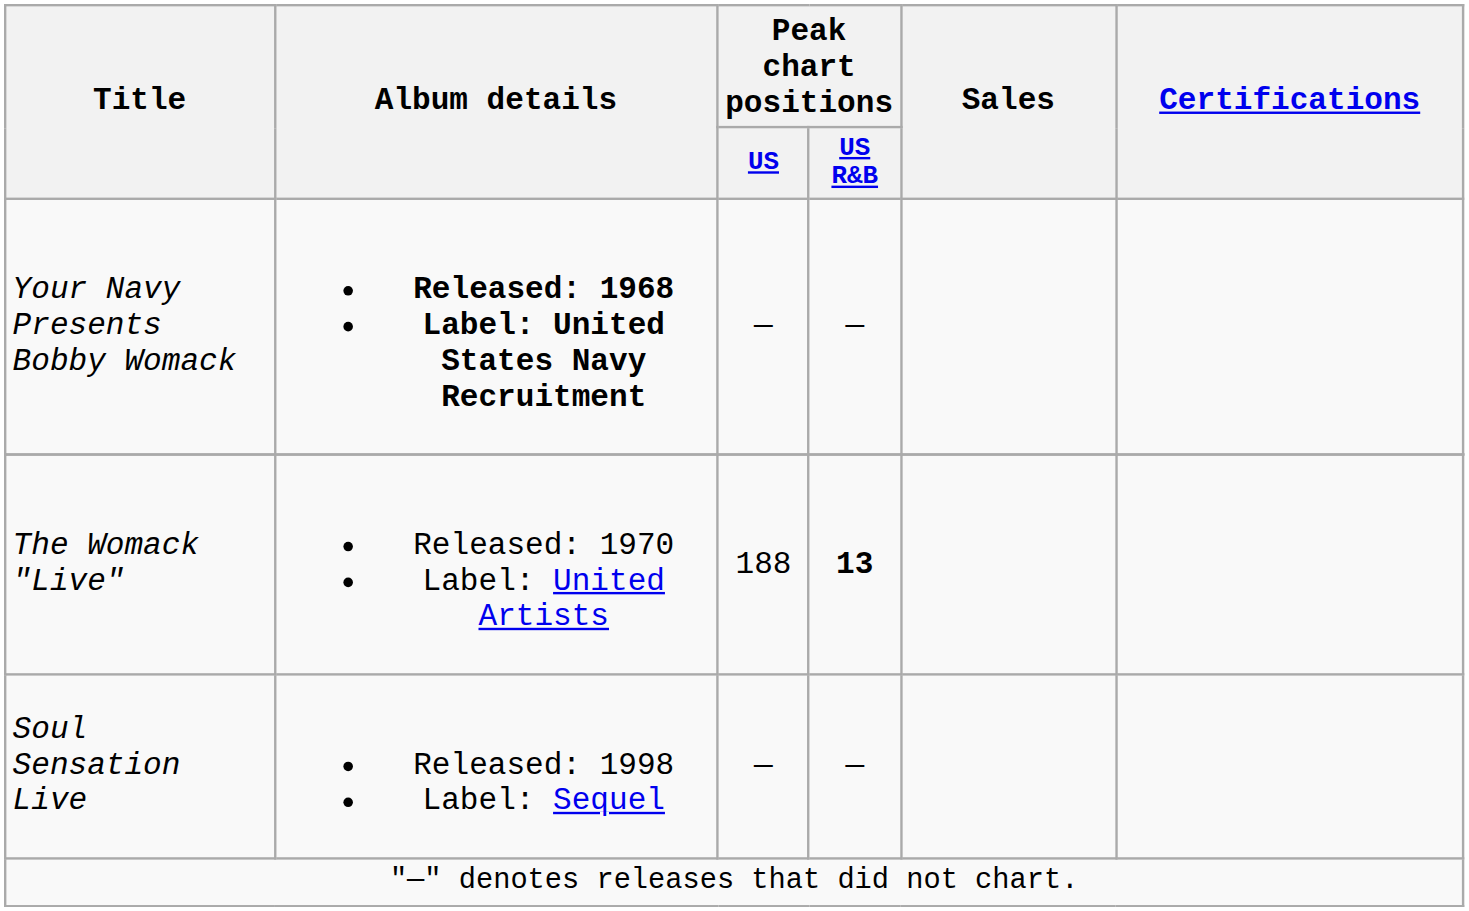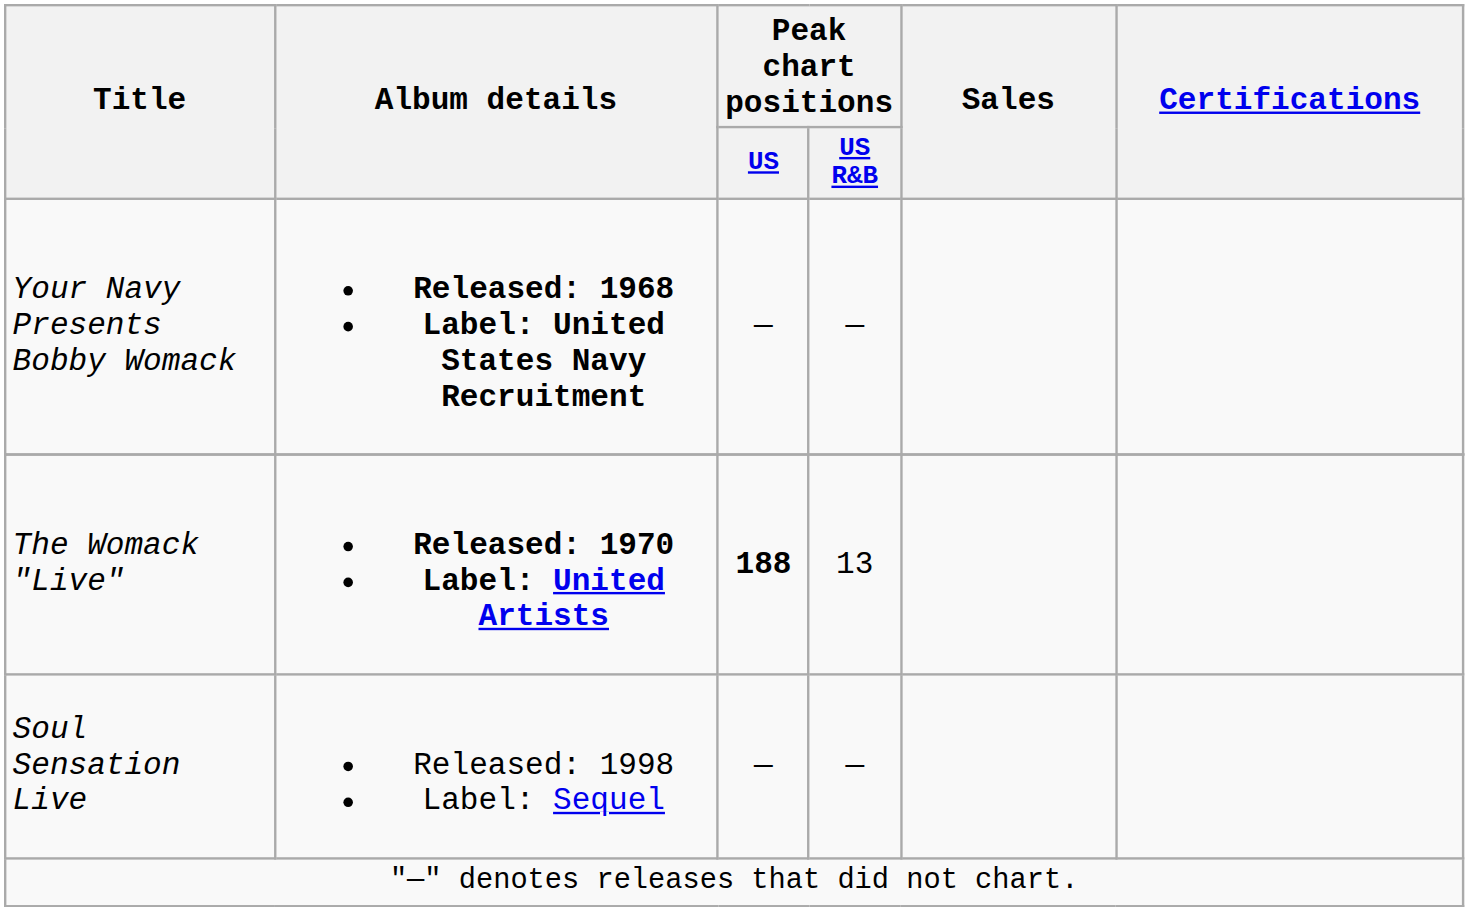 <table class="wikitable plainrowheaders" style="text-align:center;">
 <tr>
 <th scope="col" rowspan="2" style="width:11em;">Title</th>
 <th scope="col" rowspan="2" style="width:18em;">Album details</th>
 <th scope="col" colspan="2">Peak chart positions</th>
 <th scope="col" rowspan="2" style="width:10em;">Sales</th>
 <th scope="col" rowspan="2" style="width:13em;"><a href='#'>Certifications</a></th>
 </tr>
 <tr style="font-size:smaller;">
 <th width="30"><a href='#'>US</a><br></th>
 <th width="30"><a href='#'>US<br>R&B</a><br></th>
 </tr>
 <tr>
 <td align=left><em>Your Navy Presents Bobby Womack</em></td>
 <td><strong><br><ul><li>Released: 1968</li><li>Label: United States Navy Recruitment</li></ul></strong></td>
 <td>—</td>
 <td>—</td>
 <td></td>
 <td></td>
 </tr>
 <tr>
 </tr>
 <tr>
 <td align=left><em>The Womack "Live"</em></td>
-<td><br><ul><li>Released: 1970</li><li>Label: <a href='#'>United Artists</a></li></ul></td>
-<td>188</td>
-<td><strong>13</strong></td>
+<td><strong><br><ul><li>Released: 1970</li><li>Label: <a href='#'>United Artists</a></li></ul></strong></td>
+<td><strong>188</strong></td>
+<td>13</td>
 <td></td>
 <td></td>
 </tr>
 <tr>
 <td align=left><em>Soul Sensation Live</em></td>
 <td><br><ul><li>Released: 1998</li><li>Label: <a href='#'>Sequel</a></li></ul></td>
 <td>—</td>
 <td>—</td>
 <td></td>
 <td></td>
 </tr>
 <tr>
 <td colspan="10" style="text-align:center; font-size:9pt;">"—" denotes releases that did not chart.</td>
 </tr>
 </table>
